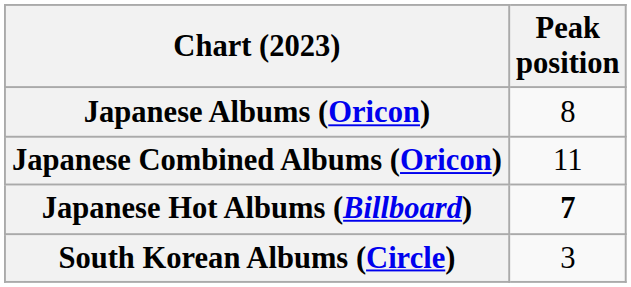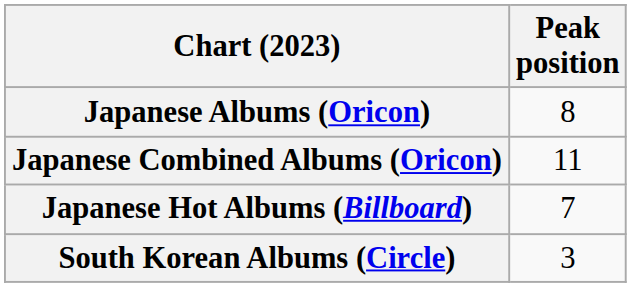 <table class="wikitable sortable plainrowheaders" style="text-align:center">
 <tr>
 <th scope="col">Chart (2023)</th>
 <th scope="col">Peak<br>position</th>
 </tr>
 <tr>
 <th scope="row">Japanese Albums (<a href='#'>Oricon</a>)</th>
 <td>8</td>
 </tr>
 <tr>
 <th scope="row">Japanese Combined Albums (<a href='#'>Oricon</a>)</th>
 <td>11</td>
 </tr>
 <tr>
 <th scope="row">Japanese Hot Albums (<em><a href='#'>Billboard</a></em>)</th>
-<td><strong>7</strong></td>
+<td>7</td>
 </tr>
 <tr>
 <th scope="row">South Korean Albums (<a href='#'>Circle</a>)</th>
 <td>3</td>
 </tr>
 </table>
